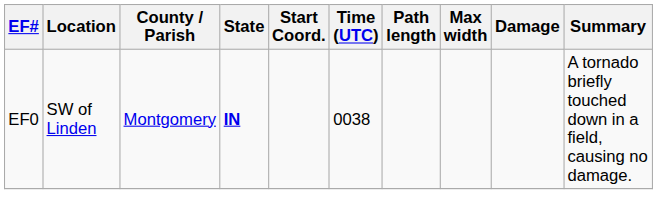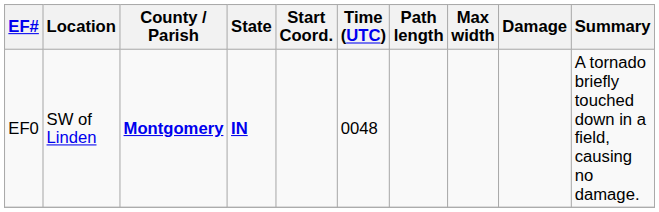 <table class="wikitable sortable" style="width:100%;">
 <tr>
 <th scope="col" width="3%" align="center"><a href='#'>EF#</a></th>
 <th scope="col" width="7%" align="center" class="unsortable">Location</th>
 <th scope="col" width="6%" align="center" class="unsortable">County / Parish</th>
 <th scope="col" width="5%" align="center">State</th>
 <th scope="col" width="6%" align="center">Start Coord.</th>
 <th scope="col" width="6%" align="center">Time (<a href='#'>UTC</a>)</th>
 <th scope="col" width="6%" align="center">Path length</th>
 <th scope="col" width="6%" align="center">Max width</th>
 <th scope="col" width="6%" align="center">Damage</th>
 <th scope="col" width="48%" class="unsortable" align="center">Summary</th>
 </tr>
 <tr>
 <td>EF0</td>
 <td>SW of <a href='#'>Linden</a></td>
-<td><a href='#'>Montgomery</a></td>
+<td><strong><a href='#'>Montgomery</a></strong></td>
 <td><strong><a href='#'>IN</a></strong></td>
 <td></td>
-<td>0038</td>
+<td>0048</td>
 <td></td>
 <td></td>
 <td></td>
 <td>A tornado briefly touched down in a field, causing no damage.</td>
 </tr>
 <tr>
 </tr>
 </table>
